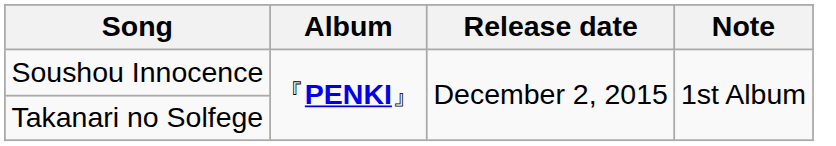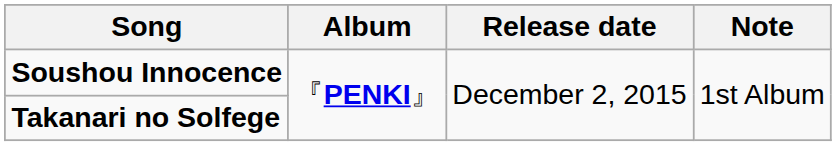 <table class="wikitable">
 <tr>
 <th>Song</th>
 <th>Album</th>
 <th>Release date</th>
 <th>Note</th>
 </tr>
 <tr>
-<td>Soushou Innocence</td>
+<td><strong>Soushou Innocence</strong></td>
 <td rowspan="2">『<strong><a href='#'>PENKI</a></strong>』</td>
 <td rowspan="2">December 2, 2015</td>
 <td rowspan="2">1st Album</td>
 </tr>
 <tr>
-<td>Takanari no Solfege</td>
+<td><strong>Takanari no Solfege</strong></td>
 </tr>
 </table>
